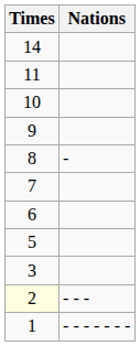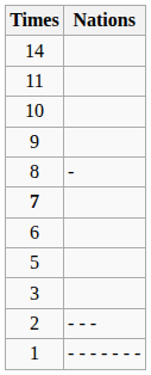 <table class="wikitable">
 <tr>
 <th>Times</th>
 <th>Nations</th>
 </tr>
 <tr>
 <td align=center>14</td>
 <td></td>
 </tr>
 <tr>
 <td align=center>11</td>
 <td></td>
 </tr>
 <tr>
 <td align=center>10</td>
 <td></td>
 </tr>
 <tr>
 <td align=center>9</td>
 <td></td>
 </tr>
 <tr>
 <td align=center>8</td>
 <td> - </td>
 </tr>
 <tr>
-<td align=center>7</td>
+<td align=center><strong>7</strong></td>
 <td></td>
 </tr>
 <tr>
 <td align=center>6</td>
 <td></td>
 </tr>
 <tr>
 <td align=center>5</td>
 <td></td>
 </tr>
 <tr>
 <td align=center>3</td>
 <td></td>
 </tr>
 <tr>
-<td align=center style="background: lightyellow;">2</td>
+<td align=center>2</td>
 <td> -  -  - </td>
 </tr>
 <tr>
 <td align=center>1</td>
 <td> -  -  -  -  -  -  - </td>
 </tr>
 </table>
